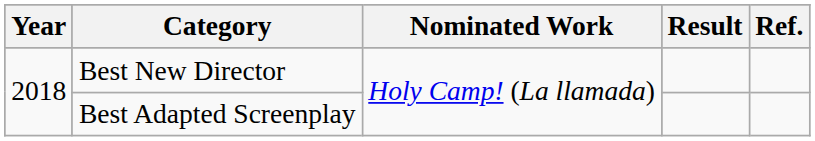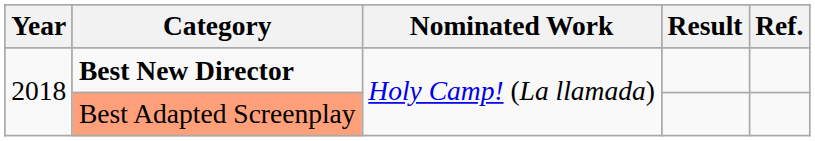 <table class="wikitable">
 <tr>
 <th>Year</th>
 <th>Category</th>
 <th>Nominated Work</th>
 <th>Result</th>
 <th>Ref.</th>
 </tr>
 <tr>
 <td rowspan="2">2018</td>
-<td>Best New Director</td>
+<td><strong>Best New Director</strong></td>
 <td rowspan="2"><em><a href='#'>Holy Camp!</a></em> (<em>La llamada</em>)</td>
 <td></td>
 <td></td>
 </tr>
 <tr>
-<td>Best Adapted Screenplay</td>
+<td style="background: lightsalmon;">Best Adapted Screenplay</td>
 <td></td>
 <td></td>
 </tr>
 </table>
